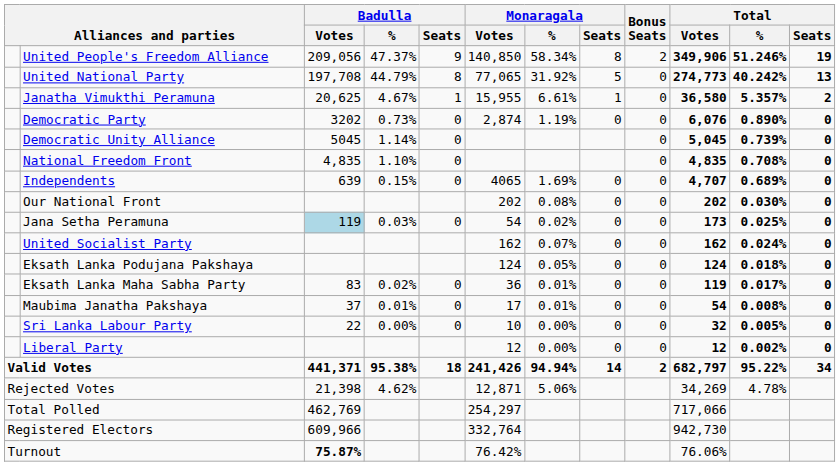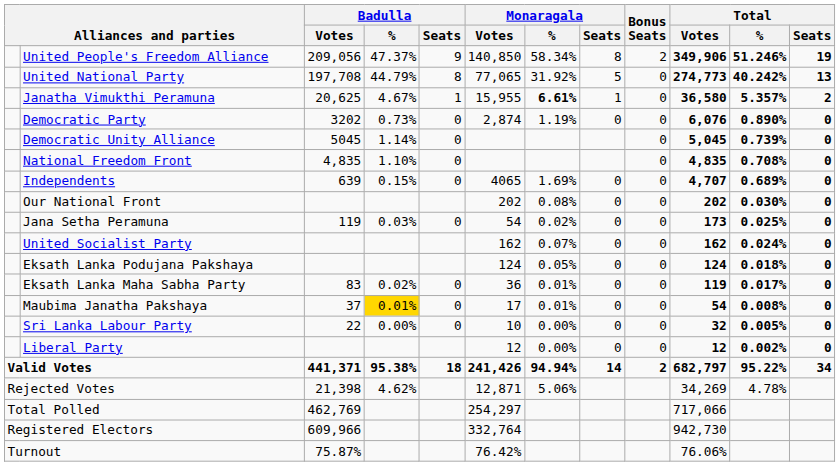 <table class="wikitable" border="1" style="text-align:right;">
 <tr>
 <th valign=bottom rowspan=2 colspan=2 width="300">Alliances and parties</th>
 <th colspan=3><a href='#'>Badulla</a></th>
 <th colspan=3><a href='#'>Monaragala</a></th>
 <th valign=bottom rowspan=2 width="40">Bonus<br>Seats</th>
 <th colspan=3>Total</th>
 </tr>
 <tr>
 <th align=center valign=bottom width="50">Votes</th>
 <th align=center valign=bottom width="50">%</th>
 <th align=center valign=bottom width="40">Seats</th>
 <th align=center valign=bottom width="50">Votes</th>
 <th align=center valign=bottom width="50">%</th>
 <th align=center valign=bottom width="40">Seats</th>
 <th align=center valign=bottom width="50">Votes</th>
 <th align=center valign=bottom width="50">%</th>
 <th align=center valign=bottom width="40">Seats</th>
 </tr>
 <tr>
 <td bgcolor=> </td>
 <td align=left><a href='#'>United People's Freedom Alliance</a></td>
 <td>209,056</td>
 <td>47.37%</td>
 <td>9</td>
 <td>140,850</td>
 <td>58.34%</td>
 <td>8</td>
 <td>2</td>
 <td><strong>349,906</strong></td>
 <td><strong>51.246%</strong></td>
 <td><strong>19</strong></td>
 </tr>
 <tr>
 <td bgcolor=> </td>
 <td align=left><a href='#'>United National Party</a></td>
 <td>197,708</td>
 <td>44.79%</td>
 <td>8</td>
 <td>77,065</td>
 <td>31.92%</td>
 <td>5</td>
 <td>0</td>
 <td><strong>274,773</strong></td>
 <td><strong>40.242%</strong></td>
 <td><strong>13</strong></td>
 </tr>
 <tr>
 <td bgcolor=> </td>
 <td align=left><a href='#'>Janatha Vimukthi Peramuna</a></td>
 <td>20,625</td>
 <td>4.67%</td>
 <td>1</td>
 <td>15,955</td>
-<td>6.61%</td>
+<td><strong>6.61%</strong></td>
 <td>1</td>
 <td>0</td>
 <td><strong>36,580</strong></td>
 <td><strong>5.357%</strong></td>
 <td><strong>2</strong></td>
 </tr>
 <tr>
 <td bgcolor=> </td>
 <td align=left><a href='#'>Democratic Party</a></td>
 <td>3202</td>
 <td>0.73%</td>
 <td>0</td>
 <td>2,874</td>
 <td>1.19%</td>
 <td>0</td>
 <td>0</td>
 <td><strong>6,076</strong></td>
 <td><strong>0.890%</strong></td>
 <td><strong>0</strong></td>
 </tr>
 <tr>
 <td bgcolor=> </td>
 <td align=left><a href='#'>Democratic Unity Alliance</a></td>
 <td>5045</td>
 <td>1.14%</td>
 <td>0</td>
 <td></td>
 <td></td>
 <td></td>
 <td>0</td>
 <td><strong>5,045</strong></td>
 <td><strong>0.739%</strong></td>
 <td><strong>0</strong></td>
 </tr>
 <tr>
 <td bgcolor=> </td>
 <td align=left><a href='#'>National Freedom Front</a></td>
 <td>4,835</td>
 <td>1.10%</td>
 <td>0</td>
 <td></td>
 <td></td>
 <td></td>
 <td>0</td>
 <td><strong>4,835</strong></td>
 <td><strong>0.708%</strong></td>
 <td><strong>0</strong></td>
 </tr>
 <tr>
 <td bgcolor=> </td>
 <td align=left><a href='#'>Independents</a></td>
 <td>639</td>
 <td>0.15%</td>
 <td>0</td>
 <td>4065</td>
 <td>1.69%</td>
 <td>0</td>
 <td>0</td>
 <td><strong>4,707</strong></td>
 <td><strong>0.689%</strong></td>
 <td><strong>0</strong></td>
 </tr>
 <tr>
 <td></td>
 <td align=left>Our National Front</td>
 <td></td>
 <td></td>
 <td></td>
 <td>202</td>
 <td>0.08%</td>
 <td>0</td>
 <td>0</td>
 <td><strong>202</strong></td>
 <td><strong>0.030%</strong></td>
 <td><strong>0</strong></td>
 </tr>
 <tr>
 <td></td>
 <td align=left>Jana Setha Peramuna</td>
-<td style="background: lightblue;">119</td>
+<td>119</td>
 <td>0.03%</td>
 <td>0</td>
 <td>54</td>
 <td>0.02%</td>
 <td>0</td>
 <td>0</td>
 <td><strong>173</strong></td>
 <td><strong>0.025%</strong></td>
 <td><strong>0</strong></td>
 </tr>
 <tr>
 <td bgcolor=> </td>
 <td align=left><a href='#'>United Socialist Party</a></td>
 <td></td>
 <td></td>
 <td></td>
 <td>162</td>
 <td>0.07%</td>
 <td>0</td>
 <td>0</td>
 <td><strong>162</strong></td>
 <td><strong>0.024%</strong></td>
 <td><strong>0</strong></td>
 </tr>
 <tr>
 <td></td>
 <td align=left>Eksath Lanka Podujana Pakshaya</td>
 <td></td>
 <td></td>
 <td></td>
 <td>124</td>
 <td>0.05%</td>
 <td>0</td>
 <td>0</td>
 <td><strong>124</strong></td>
 <td><strong>0.018%</strong></td>
 <td><strong>0</strong></td>
 </tr>
 <tr>
 <td></td>
 <td align=left>Eksath Lanka Maha Sabha Party</td>
 <td>83</td>
 <td>0.02%</td>
 <td>0</td>
 <td>36</td>
 <td>0.01%</td>
 <td>0</td>
 <td>0</td>
 <td><strong>119</strong></td>
 <td><strong>0.017%</strong></td>
 <td><strong>0</strong></td>
 </tr>
 <tr>
 <td></td>
 <td align=left>Maubima Janatha Pakshaya</td>
 <td>37</td>
-<td>0.01%</td>
+<td style="background: gold;">0.01%</td>
 <td>0</td>
 <td>17</td>
 <td>0.01%</td>
 <td>0</td>
 <td>0</td>
 <td><strong>54</strong></td>
 <td><strong>0.008%</strong></td>
 <td><strong>0</strong></td>
 </tr>
 <tr>
 <td></td>
 <td align=left><a href='#'>Sri Lanka Labour Party</a></td>
 <td>22</td>
 <td>0.00%</td>
 <td>0</td>
 <td>10</td>
 <td>0.00%</td>
 <td>0</td>
 <td>0</td>
 <td><strong>32</strong></td>
 <td><strong>0.005%</strong></td>
 <td><strong>0</strong></td>
 </tr>
 <tr>
 <td></td>
 <td align=left><a href='#'>Liberal Party</a></td>
 <td></td>
 <td></td>
 <td></td>
 <td>12</td>
 <td>0.00%</td>
 <td>0</td>
 <td>0</td>
 <td><strong>12</strong></td>
 <td><strong>0.002%</strong></td>
 <td><strong>0</strong></td>
 </tr>
 <tr>
 <td colspan=2 align=left><strong>Valid Votes</strong></td>
 <td><strong>441,371</strong></td>
 <td><strong>95.38%</strong></td>
 <td><strong>18</strong></td>
 <td><strong>241,426</strong></td>
 <td><strong>94.94%</strong></td>
 <td><strong>14</strong></td>
 <td><strong>2</strong></td>
 <td><strong>682,797</strong></td>
 <td><strong>95.22%</strong></td>
 <td><strong>34</strong></td>
 </tr>
 <tr>
 <td colspan=2 align=left>Rejected Votes</td>
 <td>21,398</td>
 <td>4.62%</td>
 <td></td>
 <td>12,871</td>
 <td>5.06%</td>
 <td></td>
 <td></td>
 <td>34,269</td>
 <td>4.78%</td>
 <td></td>
 </tr>
 <tr>
 <td colspan=2 align=left>Total Polled</td>
 <td>462,769</td>
 <td></td>
 <td></td>
 <td>254,297</td>
 <td></td>
 <td></td>
 <td></td>
 <td>717,066</td>
 <td></td>
 <td></td>
 </tr>
 <tr>
 <td colspan=2 align=left>Registered Electors</td>
 <td>609,966</td>
 <td></td>
 <td></td>
 <td>332,764</td>
 <td></td>
 <td></td>
 <td></td>
 <td>942,730</td>
 <td></td>
 <td></td>
 </tr>
 <tr>
 <td colspan=2 align=left>Turnout</td>
-<td><strong>75.87%</strong></td>
+<td>75.87%</td>
 <td></td>
 <td></td>
 <td>76.42%</td>
 <td></td>
 <td></td>
 <td></td>
 <td>76.06%</td>
 <td></td>
 <td></td>
 </tr>
 </table>
